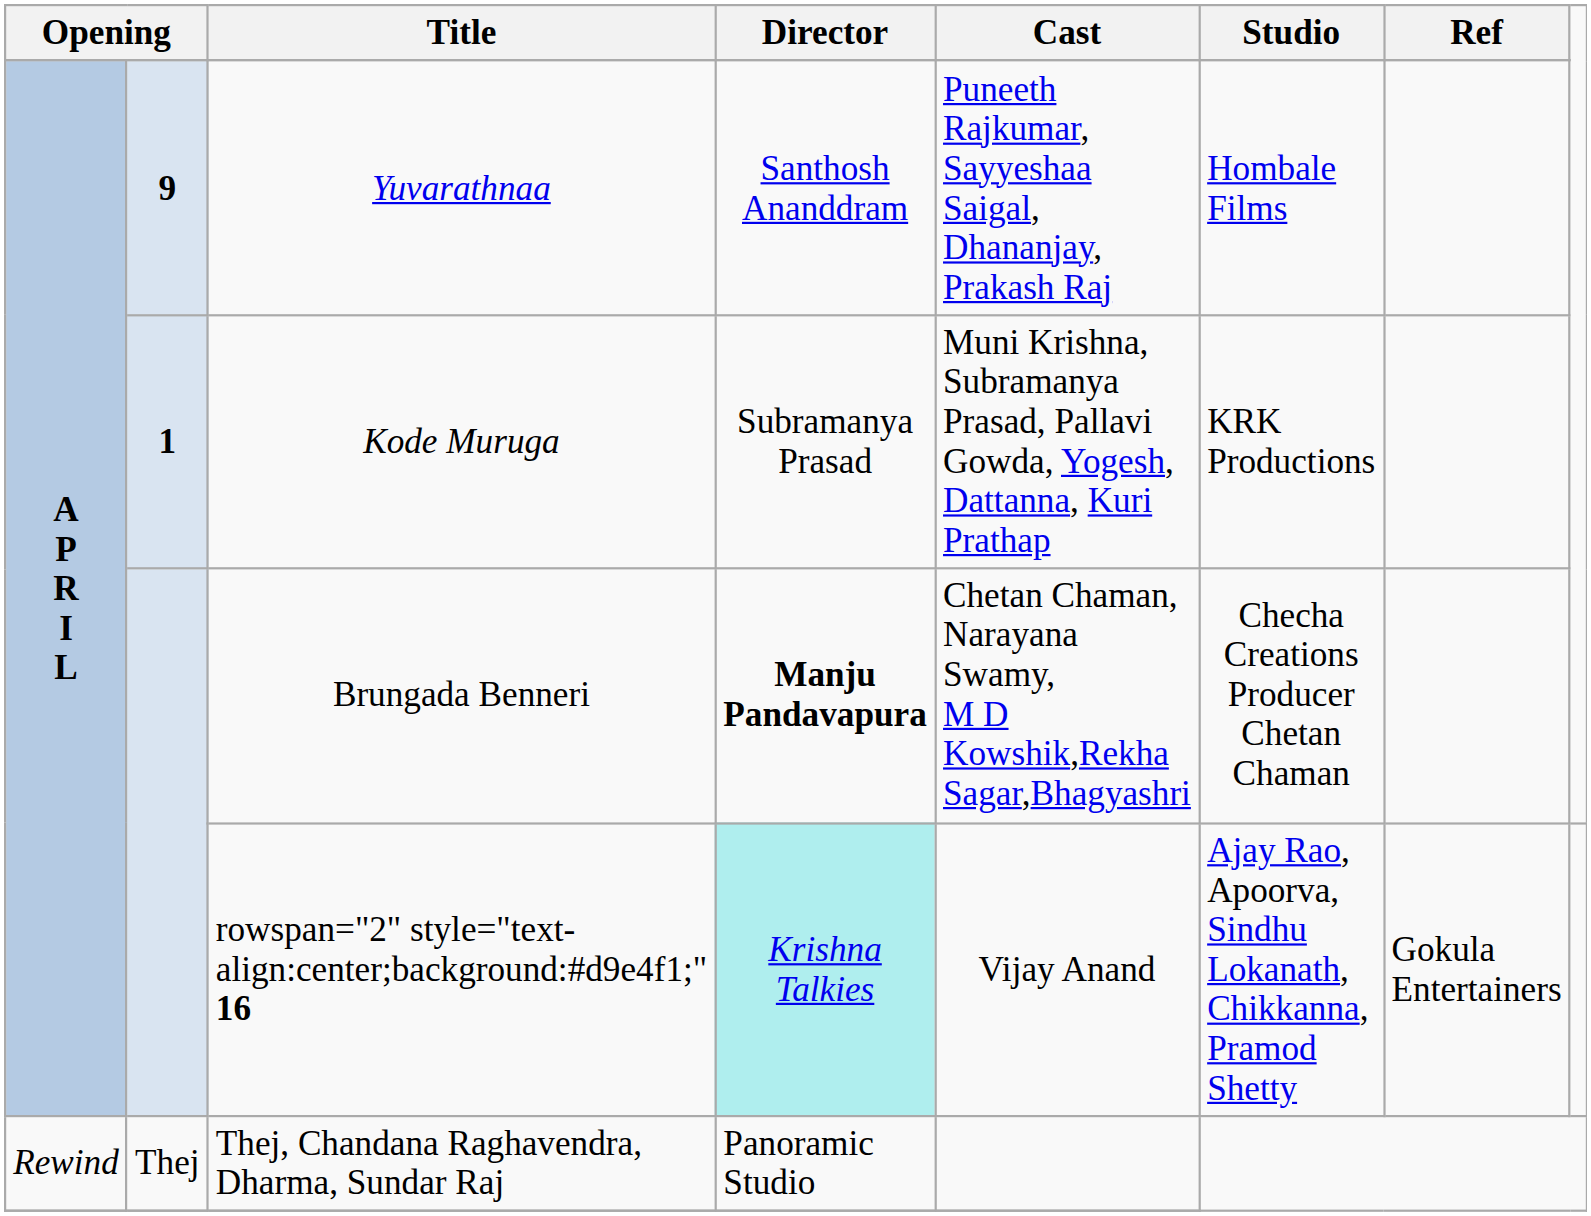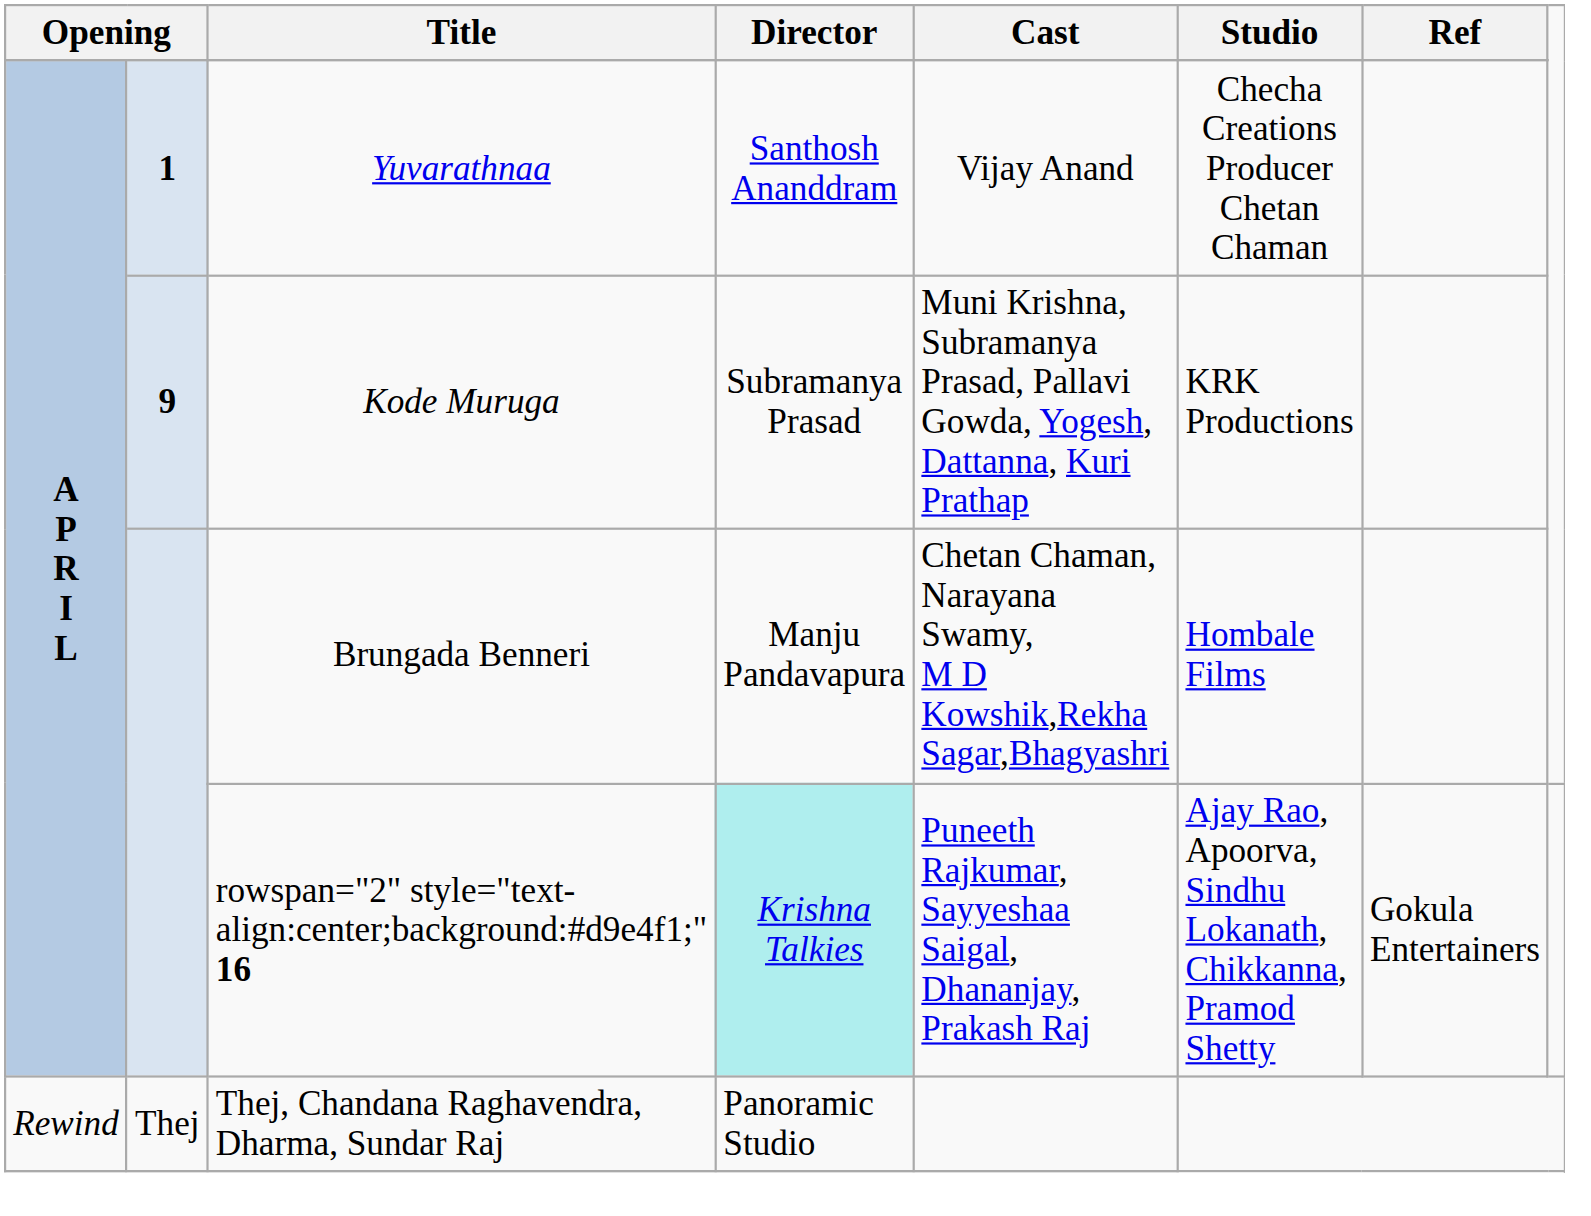 <table class="wikitable sortable">
 <tr>
 <th colspan="2">Opening</th>
 <th style="width:20%;">Title</th>
 <th>Director</th>
 <th>Cast</th>
 <th>Studio</th>
 <th>Ref</th>
 </tr>
 <tr>
 </tr>
 <tr April!>
 <td rowspan="4" style="text-align:center; background:#b4cae3; textcolor:#000;"><strong>A<br>P<br>R<br>I<br>L</strong></td>
-<td rowspan="1" style="text-align:center;background:#d9e4f1;"><strong>9</strong></td>
+<td rowspan="1" style="text-align:center;background:#d9e4f1;"><strong>1</strong></td>
 <td align="center"><em><a href='#'>Yuvarathnaa</a></em></td>
 <td align="center"><a href='#'>Santhosh Ananddram</a></td>
-<td><a href='#'>Puneeth Rajkumar</a>, <a href='#'>Sayyeshaa Saigal</a>, <a href='#'>Dhananjay</a>, <a href='#'>Prakash Raj</a></td>
-<td><a href='#'>Hombale Films</a></td>
+<td align="center">Vijay Anand</td>
+<td align="center">Checha Creations Producer Chetan Chaman</td>
 <td align="center"></td>
 </tr>
 <tr>
-<td rowspan="1" style="text-align:center;background:#d9e4f1;"><strong>1</strong></td>
+<td rowspan="1" style="text-align:center;background:#d9e4f1;"><strong>9</strong></td>
 <td align="center"><em>Kode Muruga</em></td>
 <td align="center">Subramanya Prasad</td>
 <td>Muni Krishna, Subramanya Prasad, Pallavi Gowda, <a href='#'>Yogesh</a>, <a href='#'>Dattanna</a>, <a href='#'>Kuri Prathap</a></td>
 <td>KRK Productions</td>
 <td align="center"></td>
 </tr>
 <tr>
 <td rowspan="2" style="text-align:center;background:#d9e4f1;"></td>
 <td align="center">Brungada Benneri</td>
-<td align="center"><strong>Manju Pandavapura</strong></td>
+<td align="center">Manju Pandavapura</td>
 <td>Chetan Chaman,  Narayana Swamy,<br><a href='#'>M D Kowshik</a>,<a href='#'>Rekha Sagar</a>,<a href='#'>Bhagyashri</a></td>
-<td align="center">Checha Creations Producer Chetan Chaman</td>
+<td><a href='#'>Hombale Films</a></td>
 <td align="center"></td>
 </tr>
 <tr>
 <td>rowspan="2" style="text-align:center;background:#d9e4f1;"<br><strong>16</strong></td>
 <td align="center" style="background: paleturquoise;"><em><a href='#'>Krishna Talkies</a></em></td>
-<td align="center">Vijay Anand</td>
+<td><a href='#'>Puneeth Rajkumar</a>, <a href='#'>Sayyeshaa Saigal</a>, <a href='#'>Dhananjay</a>, <a href='#'>Prakash Raj</a></td>
 <td><a href='#'>Ajay Rao</a>, Apoorva, <a href='#'>Sindhu Lokanath</a>, <a href='#'>Chikkanna</a>, <a href='#'>Pramod Shetty</a></td>
 <td>Gokula Entertainers</td>
 <td align="center"></td>
 </tr>
 <tr>
 <td align="center"><em>Rewind</em></td>
 <td align="center">Thej</td>
 <td>Thej, Chandana Raghavendra, Dharma, Sundar Raj</td>
 <td>Panoramic Studio</td>
 <td align="center"></td>
 </tr>
 <tr>
 </tr>
 </table>
